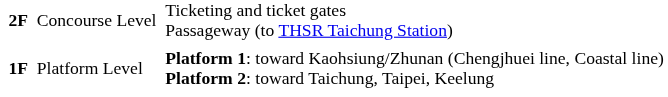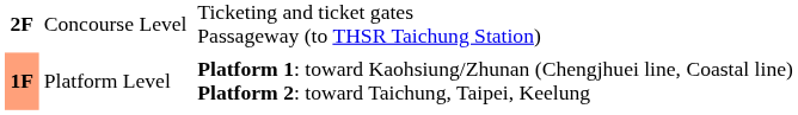 <table table border=0 cellspacing=0 cellpadding=4>
 <tr>
 <td><strong>2F</strong></td>
 <td>Concourse Level</td>
 <td>Ticketing and ticket gates<br>Passageway (to <a href='#'>THSR Taichung Station</a>)</td>
 </tr>
 <tr>
-<td><strong>1F</strong></td>
+<td style="background: lightsalmon;"><strong>1F</strong></td>
 <td>Platform Level</td>
 <td><strong>Platform 1</strong>: toward Kaohsiung/Zhunan (Chengjhuei line, Coastal line)<br><strong>Platform 2</strong>: toward Taichung, Taipei, Keelung</td>
 </tr>
 </table>
